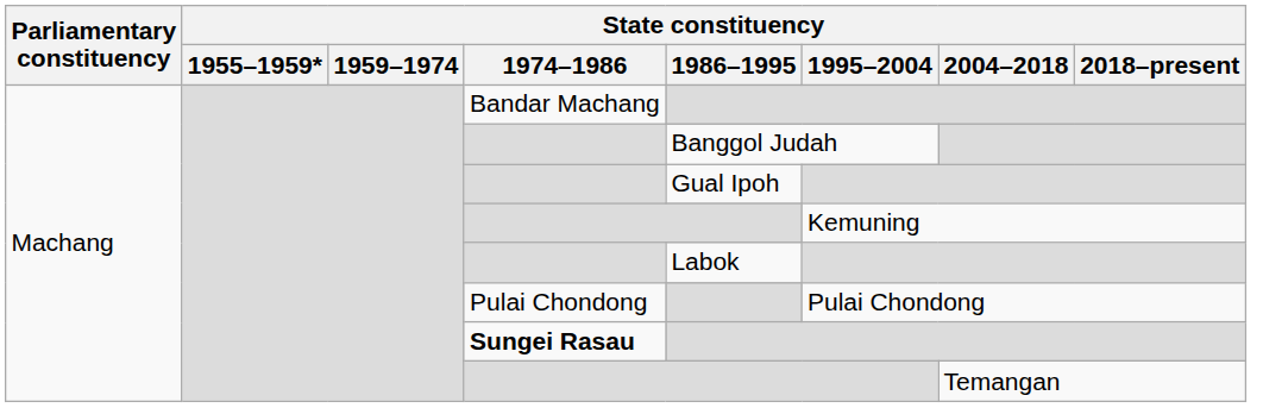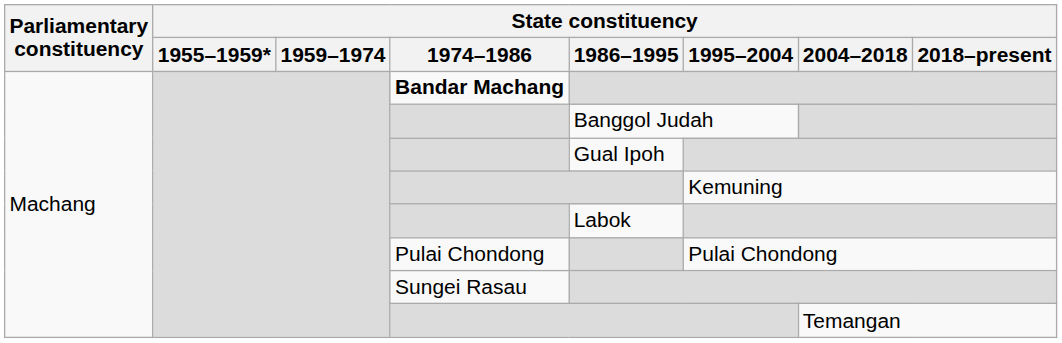 <table class="wikitable">
 <tr>
 <th rowspan="2">Parliamentary<br>constituency</th>
 <th colspan="7">State constituency</th>
 </tr>
 <tr>
 <th>1955–1959*</th>
 <th>1959–1974</th>
 <th>1974–1986</th>
 <th>1986–1995</th>
 <th>1995–2004</th>
 <th>2004–2018</th>
 <th>2018–present</th>
 </tr>
 <tr>
 <td rowspan="8">Machang</td>
 <td colspan="2" rowspan="8" bgcolor="dcdcdc"></td>
-<td>Bandar Machang</td>
+<td><strong>Bandar Machang</strong></td>
 <td colspan="4" bgcolor="dcdcdc"></td>
 </tr>
 <tr>
 <td bgcolor="dcdcdc"></td>
 <td colspan="2">Banggol Judah</td>
 <td colspan="2" bgcolor="dcdcdc"></td>
 </tr>
 <tr>
 <td bgcolor="dcdcdc"></td>
 <td>Gual Ipoh</td>
 <td colspan="3" bgcolor="dcdcdc"></td>
 </tr>
 <tr>
 <td colspan="2" bgcolor="dcdcdc"></td>
 <td colspan="3">Kemuning</td>
 </tr>
 <tr>
 <td bgcolor="dcdcdc"></td>
 <td>Labok</td>
 <td colspan="3" bgcolor="dcdcdc"></td>
 </tr>
 <tr>
 <td>Pulai Chondong</td>
 <td bgcolor="dcdcdc"></td>
 <td colspan="3">Pulai Chondong</td>
 </tr>
 <tr>
-<td><strong>Sungei Rasau</strong></td>
+<td>Sungei Rasau</td>
 <td colspan="4" bgcolor="dcdcdc"></td>
 </tr>
 <tr>
 <td colspan="3" bgcolor="dcdcdc"></td>
 <td colspan="2">Temangan</td>
 </tr>
 </table>
